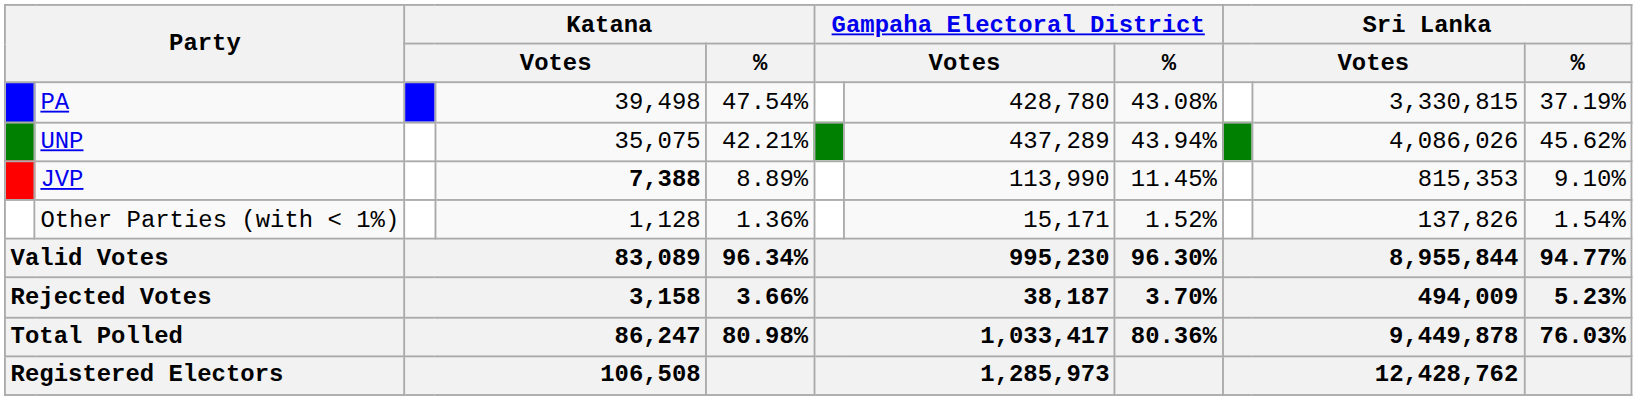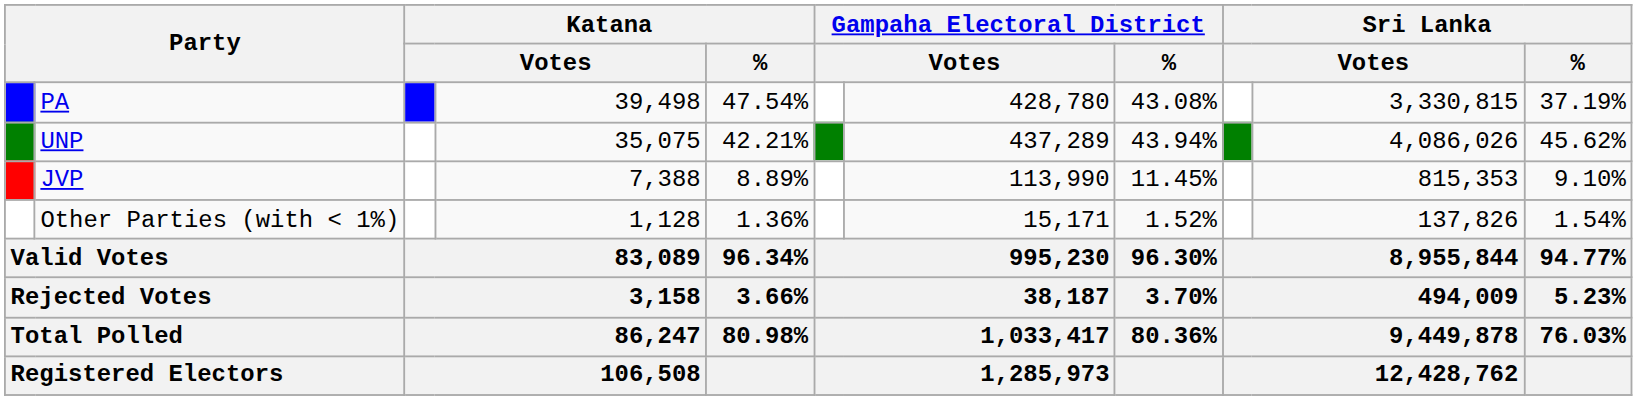 <table class="wikitable">
 <tr>
 <th colspan="2" width="144px"rowspan="2">Party</th>
 <th colspan="3" width="216px">Katana</th>
 <th colspan="3" width="216px"><a href='#'>Gampaha Electoral District</a></th>
 <th colspan="3" width="216px">Sri Lanka</th>
 </tr>
 <tr>
 <th colspan="2" width="144px">Votes</th>
 <th>%</th>
 <th colspan="2" width="144px">Votes</th>
 <th>%</th>
 <th colspan="2" width="144px">Votes</th>
 <th>%</th>
 </tr>
 <tr>
 <td style="background-color:blue;" width="10px"></td>
 <td style="text-align:left;"><a href='#'>PA</a></td>
 <td style="background-color:blue;" width="10px"></td>
 <td style="text-align:right;">39,498</td>
 <td style="text-align:right;">47.54%</td>
 <td style="background-color:white;" width="10px"></td>
 <td style="text-align:right;">428,780</td>
 <td style="text-align:right;">43.08%</td>
 <td style="background-color:white;" width="10px"></td>
 <td style="text-align:right;">3,330,815</td>
 <td style="text-align:right;">37.19%</td>
 </tr>
 <tr>
 <td style="background-color:green;" width="10px"></td>
 <td style="text-align:left;"><a href='#'>UNP</a></td>
 <td style="background-color:white;" width="10px"></td>
 <td style="text-align:right;">35,075</td>
 <td style="text-align:right;">42.21%</td>
 <td style="background-color:green;" width="10px"></td>
 <td style="text-align:right;">437,289</td>
 <td style="text-align:right;">43.94%</td>
 <td style="background-color:green;" width="10px"></td>
 <td style="text-align:right;">4,086,026</td>
 <td style="text-align:right;">45.62%</td>
 </tr>
 <tr>
 <td style="background-color:red;" width="10px"></td>
 <td style="text-align:left;"><a href='#'>JVP</a></td>
 <td style="background-color:white;" width="10px"></td>
-<td style="text-align:right;"><strong>7,388</strong></td>
+<td style="text-align:right;">7,388</td>
 <td style="text-align:right;">8.89%</td>
 <td style="background-color:white;" width="10px"></td>
 <td style="text-align:right;">113,990</td>
 <td style="text-align:right;">11.45%</td>
 <td style="background-color:white;" width="10px"></td>
 <td style="text-align:right;">815,353</td>
 <td style="text-align:right;">9.10%</td>
 </tr>
 <tr>
 <td style="background-color:white;" width="10px"></td>
 <td style="text-align:left;">Other Parties (with < 1%)</td>
 <td style="background-color:white;" width="10px"></td>
 <td style="text-align:right;">1,128</td>
 <td style="text-align:right;">1.36%</td>
 <td style="background-color:white;" width="10px"></td>
 <td style="text-align:right;">15,171</td>
 <td style="text-align:right;">1.52%</td>
 <td style="background-color:white;" width="10px"></td>
 <td style="text-align:right;">137,826</td>
 <td style="text-align:right;">1.54%</td>
 </tr>
 <tr>
 <th colspan="2" width="144px"style="text-align:left;">Valid Votes</th>
 <th style="text-align:right;"colspan="2" width="144px">83,089</th>
 <th style="text-align:right;">96.34%</th>
 <th style="text-align:right;"colspan="2" width="144px">995,230</th>
 <th style="text-align:right;">96.30%</th>
 <th style="text-align:right;"colspan="2" width="144px">8,955,844</th>
 <th style="text-align:right;">94.77%</th>
 </tr>
 <tr>
 <th colspan="2" width="144px"style="text-align:left;">Rejected Votes</th>
 <th style="text-align:right;"colspan="2" width="144px">3,158</th>
 <th style="text-align:right;">3.66%</th>
 <th style="text-align:right;"colspan="2" width="144px">38,187</th>
 <th style="text-align:right;">3.70%</th>
 <th style="text-align:right;"colspan="2" width="144px">494,009</th>
 <th style="text-align:right;">5.23%</th>
 </tr>
 <tr>
 <th colspan="2" width="144px"style="text-align:left;">Total Polled</th>
 <th style="text-align:right;"colspan="2" width="144px">86,247</th>
 <th style="text-align:right;">80.98%</th>
 <th style="text-align:right;"colspan="2" width="144px">1,033,417</th>
 <th style="text-align:right;">80.36%</th>
 <th style="text-align:right;"colspan="2" width="144px">9,449,878</th>
 <th style="text-align:right;">76.03%</th>
 </tr>
 <tr>
 <th colspan="2" width="144px"style="text-align:left;">Registered Electors</th>
 <th style="text-align:right;"colspan="2" width="144px">106,508</th>
 <th></th>
 <th style="text-align:right;"colspan="2" width="144px">1,285,973</th>
 <th></th>
 <th style="text-align:right;"colspan="2" width="144px">12,428,762</th>
 <th></th>
 </tr>
 </table>
